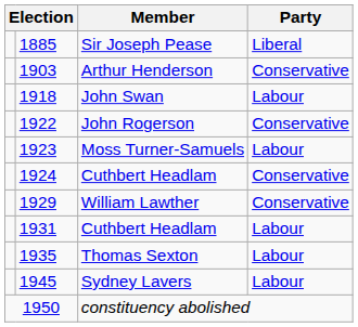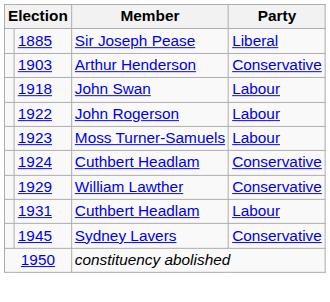 <table class="wikitable">
 <tr>
 <th colspan="2">Election</th>
 <th>Member</th>
 <th>Party</th>
 </tr>
 <tr>
 <td style="color:inherit;background-color: "></td>
 <td><a href='#'>1885</a></td>
 <td><a href='#'>Sir Joseph Pease</a></td>
 <td><a href='#'>Liberal</a></td>
 </tr>
 <tr>
 <td style="color:inherit;background-color: "></td>
 <td><a href='#'>1903</a></td>
 <td><a href='#'>Arthur Henderson</a></td>
 <td><a href='#'>Conservative</a></td>
 </tr>
 <tr>
 <td style="color:inherit;background-color: "></td>
 <td><a href='#'>1918</a></td>
 <td><a href='#'>John Swan</a></td>
 <td><a href='#'>Labour</a></td>
 </tr>
 <tr>
 <td style="color:inherit;background-color: "></td>
 <td><a href='#'>1922</a></td>
 <td><a href='#'>John Rogerson</a></td>
-<td><a href='#'>Conservative</a></td>
+<td><a href='#'>Labour</a></td>
 </tr>
 <tr>
 <td style="color:inherit;background-color: "></td>
 <td><a href='#'>1923</a></td>
 <td><a href='#'>Moss Turner-Samuels</a></td>
 <td><a href='#'>Labour</a></td>
 </tr>
 <tr>
 <td style="color:inherit;background-color: "></td>
 <td><a href='#'>1924</a></td>
 <td><a href='#'>Cuthbert Headlam</a></td>
 <td><a href='#'>Conservative</a></td>
 </tr>
 <tr>
 <td style="color:inherit;background-color: "></td>
 <td><a href='#'>1929</a></td>
 <td><a href='#'>William Lawther</a></td>
 <td><a href='#'>Conservative</a></td>
 </tr>
 <tr>
 <td style="color:inherit;background-color: "></td>
 <td><a href='#'>1931</a></td>
 <td><a href='#'>Cuthbert Headlam</a></td>
 <td><a href='#'>Labour</a></td>
 </tr>
 <tr>
 <td style="color:inherit;background-color: "></td>
-<td><a href='#'>1935</a></td>
-<td><a href='#'>Thomas Sexton</a></td>
-<td><a href='#'>Labour</a></td>
-</tr>
-<tr>
-<td style="color:inherit;background-color: "></td>
 <td><a href='#'>1945</a></td>
 <td><a href='#'>Sydney Lavers</a></td>
-<td><a href='#'>Labour</a></td>
+<td><a href='#'>Conservative</a></td>
 </tr>
 <tr>
 <td colspan="2" align="center"><a href='#'>1950</a></td>
 <td colspan="2"><em>constituency abolished</em></td>
 </tr>
 </table>
